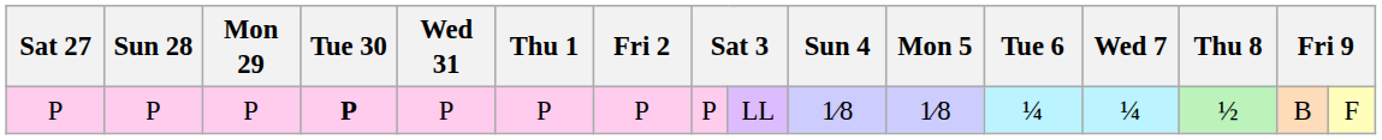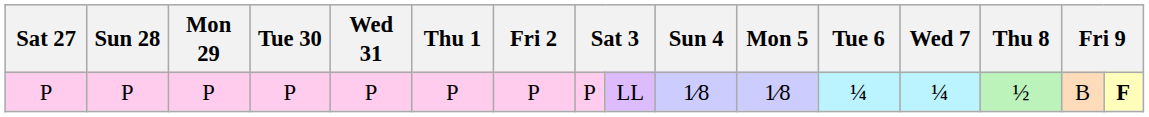 <table class="wikitable" style="margin:0.5em auto; font-size:90%; line-height:1.25em; text-align:center">
 <tr>
 <th width="45">Sat 27</th>
 <th width="45">Sun 28</th>
 <th width="45">Mon 29</th>
 <th width="45">Tue 30</th>
 <th width="45">Wed 31</th>
 <th width="45">Thu 1</th>
 <th width="45">Fri 2</th>
 <th width="45" colspan=2>Sat 3</th>
 <th width="45">Sun 4</th>
 <th width="45">Mon 5</th>
 <th width="45">Tue 6</th>
 <th width="45">Wed 7</th>
 <th width="45">Thu 8</th>
 <th width="45" colspan=2>Fri 9</th>
 </tr>
 <tr>
 <td bgcolor="#FFCCEE">P</td>
 <td bgcolor="#FFCCEE">P</td>
 <td bgcolor="#FFCCEE">P</td>
-<td bgcolor="#FFCCEE"><strong>P</strong></td>
+<td bgcolor="#FFCCEE">P</td>
 <td bgcolor="#FFCCEE">P</td>
 <td bgcolor="#FFCCEE">P</td>
 <td bgcolor="#FFCCEE">P</td>
 <td bgcolor="#FFCCEE">P</td>
 <td bgcolor="#DDBBFF">LL</td>
 <td bgcolor="#CCCCFF">1⁄8</td>
 <td bgcolor="#CCCCFF">1⁄8</td>
 <td bgcolor="#BBF3FF">¼</td>
 <td bgcolor="#BBF3FF">¼</td>
 <td bgcolor="#BBF3BB">½</td>
 <td bgcolor="#FEDCBA">B</td>
-<td bgcolor="#FFFFBB">F</td>
+<td bgcolor="#FFFFBB"><strong>F</strong></td>
 </tr>
 </table>
